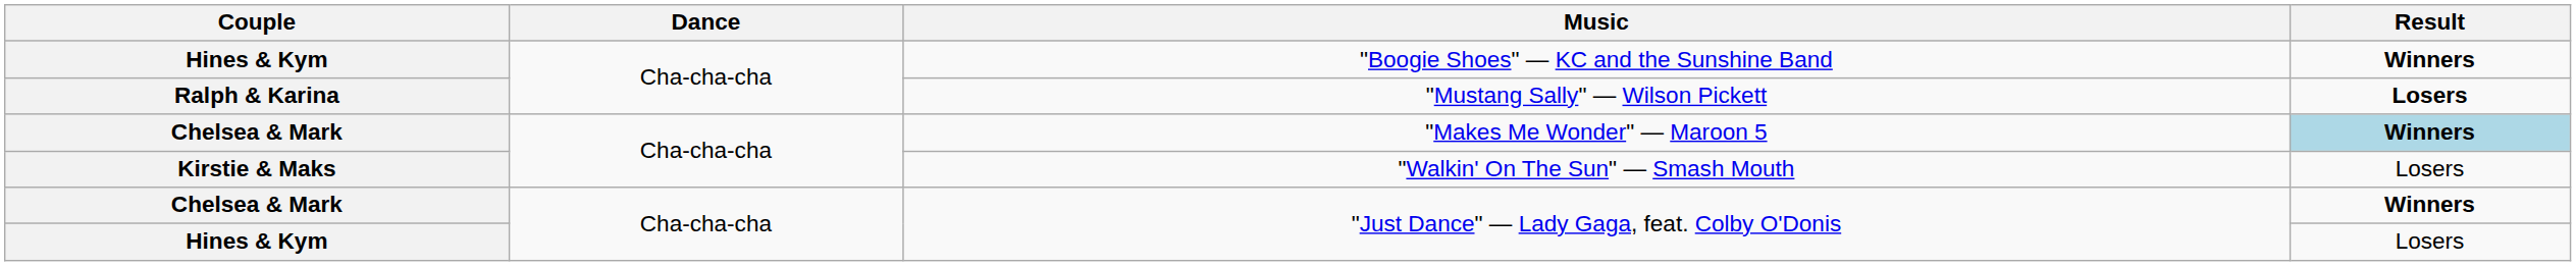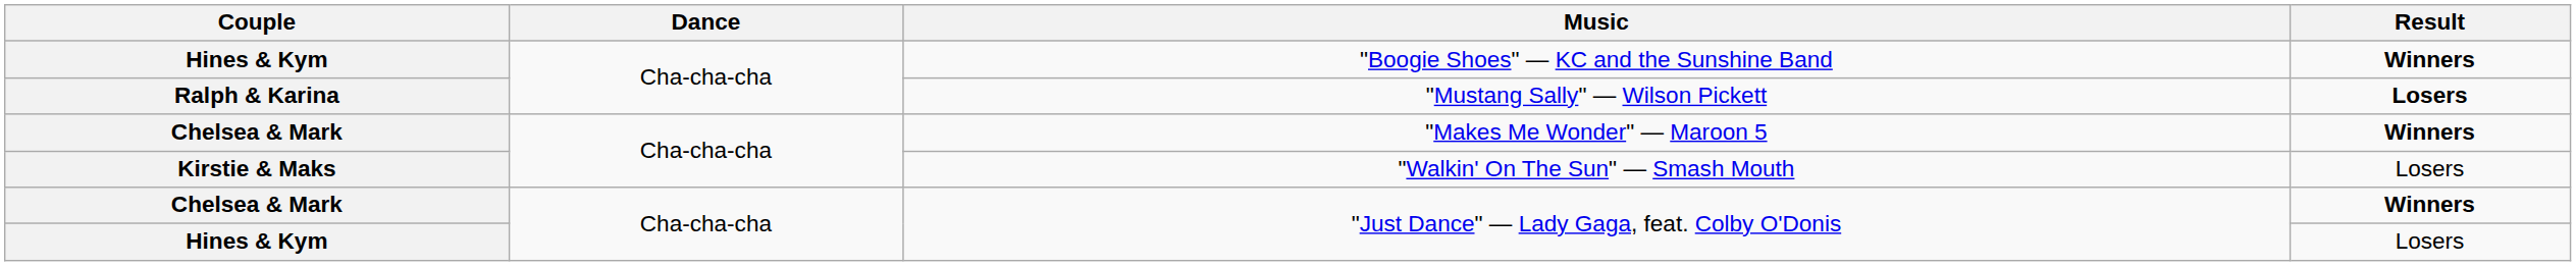 <table class="wikitable unsortable" style="text-align:center; width:90%">
 <tr>
 <th scope="col">Couple</th>
 <th scope="col">Dance</th>
 <th scope="col">Music</th>
 <th scope="col">Result</th>
 </tr>
 <tr>
 <th scope="row">Hines & Kym</th>
 <td rowspan=2>Cha-cha-cha</td>
 <td>"<a href='#'>Boogie Shoes</a>" — <a href='#'>KC and the Sunshine Band</a></td>
 <td><strong>Winners</strong></td>
 </tr>
 <tr>
 <th scope="row">Ralph & Karina</th>
 <td>"<a href='#'>Mustang Sally</a>" — <a href='#'>Wilson Pickett</a></td>
 <td><strong>Losers</strong></td>
 </tr>
 <tr>
 <th scope="row">Chelsea & Mark</th>
 <td rowspan=2>Cha-cha-cha</td>
 <td>"<a href='#'>Makes Me Wonder</a>" — <a href='#'>Maroon 5</a></td>
-<td style="background: lightblue;"><strong>Winners</strong></td>
+<td><strong>Winners</strong></td>
 </tr>
 <tr>
 <th scope="row">Kirstie & Maks</th>
 <td>"<a href='#'>Walkin' On The Sun</a>" — <a href='#'>Smash Mouth</a></td>
 <td>Losers</td>
 </tr>
 <tr>
 <th scope="row">Chelsea & Mark</th>
 <td rowspan=2>Cha-cha-cha</td>
 <td rowspan=2>"<a href='#'>Just Dance</a>" — <a href='#'>Lady Gaga</a>, feat. <a href='#'>Colby O'Donis</a></td>
 <td><strong>Winners</strong></td>
 </tr>
 <tr>
 <th scope="row">Hines & Kym</th>
 <td>Losers</td>
 </tr>
 </table>
